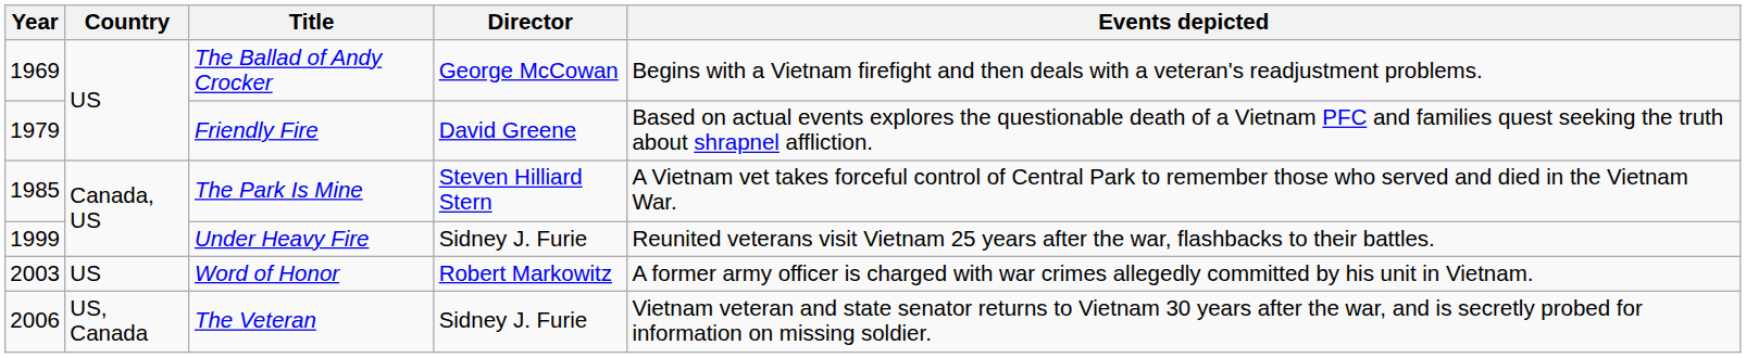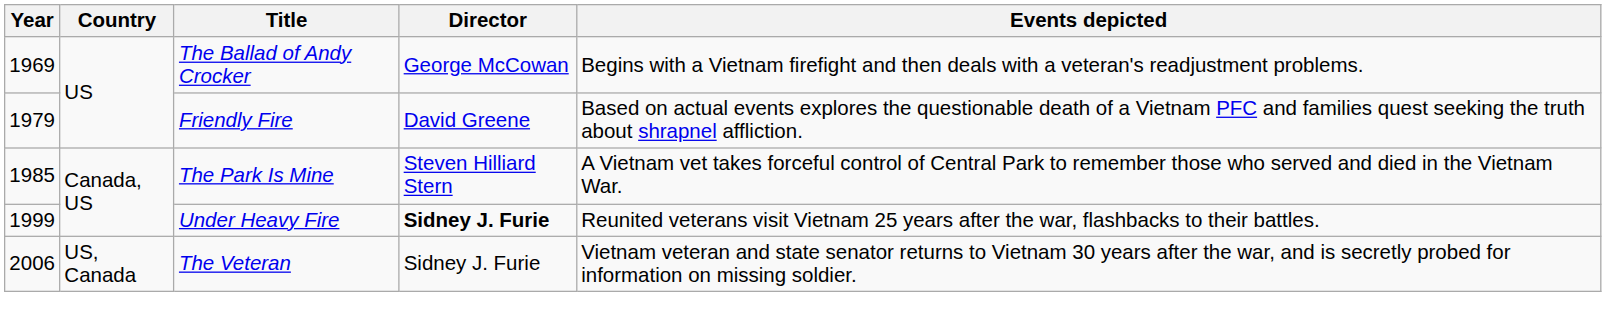 <table class="wikitable sortable">
 <tr>
 <th>Year</th>
 <th>Country</th>
 <th>Title</th>
 <th>Director</th>
 <th class="unsortable">Events depicted</th>
 </tr>
 <tr>
 <td>1969</td>
 <td rowspan="2">US</td>
 <td><em><a href='#'>The Ballad of Andy Crocker</a></em></td>
 <td><a href='#'>George McCowan</a></td>
 <td>Begins with a Vietnam firefight and then deals with a veteran's readjustment problems.</td>
 </tr>
 <tr>
 <td>1979</td>
 <td><em><a href='#'>Friendly Fire</a></em></td>
 <td><a href='#'>David Greene</a></td>
 <td>Based on actual events explores the questionable death of a Vietnam <a href='#'>PFC</a> and families quest seeking the truth about <a href='#'>shrapnel</a> affliction.</td>
 </tr>
 <tr>
 <td>1985</td>
 <td rowspan="2">Canada, US</td>
 <td><em><a href='#'>The Park Is Mine</a></em></td>
 <td><a href='#'>Steven Hilliard Stern</a></td>
 <td>A Vietnam vet takes forceful control of Central Park to remember those who served and died in the Vietnam War.</td>
 </tr>
 <tr>
 <td>1999</td>
 <td><em><a href='#'>Under Heavy Fire</a></em></td>
-<td>Sidney J. Furie</td>
+<td><strong>Sidney J. Furie</strong></td>
 <td>Reunited veterans visit Vietnam 25 years after the war, flashbacks to their battles.</td>
-</tr>
-<tr>
-<td>2003</td>
-<td>US</td>
-<td><em><a href='#'>Word of Honor</a></em></td>
-<td><a href='#'>Robert Markowitz</a></td>
-<td>A former army officer is charged with war crimes allegedly committed by his unit in Vietnam.</td>
 </tr>
 <tr>
 <td>2006</td>
 <td>US, Canada</td>
 <td><em><a href='#'>The Veteran</a></em></td>
 <td>Sidney J. Furie</td>
 <td>Vietnam veteran and state senator returns to Vietnam 30 years after the war, and is secretly probed for information on missing soldier.<br> </td>
 </tr>
 </table>
